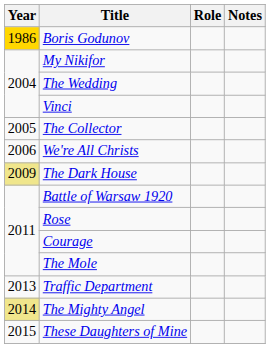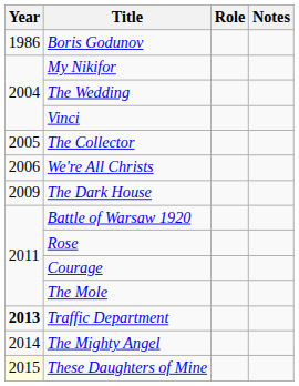 <table class="wikitable sortable">
 <tr>
 <th>Year</th>
 <th>Title</th>
 <th>Role</th>
 <th class=unsortable>Notes</th>
 </tr>
 <tr>
-<td style="background: gold;">1986</td>
+<td>1986</td>
 <td><em><a href='#'>Boris Godunov</a></em></td>
 <td></td>
 <td></td>
 </tr>
 <tr>
 <td rowspan=3>2004</td>
 <td><em><a href='#'>My Nikifor</a></em></td>
 <td></td>
 <td></td>
 </tr>
 <tr>
 <td><em><a href='#'>The Wedding</a></em></td>
 <td></td>
 <td></td>
 </tr>
 <tr>
 <td><em><a href='#'>Vinci</a></em></td>
 <td></td>
 <td></td>
 </tr>
 <tr>
 <td>2005</td>
 <td><em><a href='#'>The Collector</a></em></td>
 <td></td>
 <td></td>
 </tr>
 <tr>
 <td>2006</td>
 <td><em><a href='#'>We're All Christs</a></em></td>
 <td></td>
 <td></td>
 </tr>
 <tr>
-<td style="background: khaki;">2009</td>
+<td>2009</td>
 <td><em><a href='#'>The Dark House</a></em></td>
 <td></td>
 <td></td>
 </tr>
 <tr>
 <td rowspan=4>2011</td>
 <td><em><a href='#'>Battle of Warsaw 1920</a></em></td>
 <td></td>
 <td></td>
 </tr>
 <tr>
 <td><em><a href='#'>Rose</a></em></td>
 <td></td>
 <td></td>
 </tr>
 <tr>
 <td><em><a href='#'>Courage</a></em></td>
 <td></td>
 <td></td>
 </tr>
 <tr>
 <td><em><a href='#'>The Mole</a></em></td>
 <td></td>
 <td></td>
 </tr>
 <tr>
-<td>2013</td>
+<td><strong>2013</strong></td>
 <td><em><a href='#'>Traffic Department</a></em></td>
 <td></td>
 <td></td>
 </tr>
 <tr>
-<td style="background: khaki;">2014</td>
+<td>2014</td>
 <td><em><a href='#'>The Mighty Angel</a></em></td>
 <td></td>
 <td></td>
 </tr>
 <tr>
-<td>2015</td>
+<td style="background: lightyellow;">2015</td>
 <td><em><a href='#'>These Daughters of Mine</a></em></td>
 <td></td>
 <td></td>
 </tr>
 </table>
